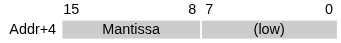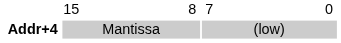 <table style="text-align:center;">
 <tr>
 <td style="width:60px;"></td>
 <td style="width:15px;">15</td>
 <td style="width:15px;"></td>
 <td style="width:15px;"></td>
 <td style="width:15px;"></td>
 <td style="width:15px;"></td>
 <td style="width:15px;"></td>
 <td style="width:15px;"></td>
 <td style="width:15px;">8</td>
 <td style="width:15px;">7</td>
 <td style="width:15px;"></td>
 <td style="width:15px;"></td>
 <td style="width:15px;"></td>
 <td style="width:15px;"></td>
 <td style="width:15px;"></td>
 <td style="width:15px;"></td>
 <td style="width:15px;">0</td>
 </tr>
 <tr>
-<td colspan="1" style="background-color:#FFF;">Addr+4</td>
+<td colspan="1" style="background-color:#FFF;"><strong>Addr+4</strong></td>
 <td colspan="8" style="background-color:#CCC;">Mantissa</td>
 <td colspan="8" style="background-color:#CCC;">(low)</td>
 </tr>
 </table>
